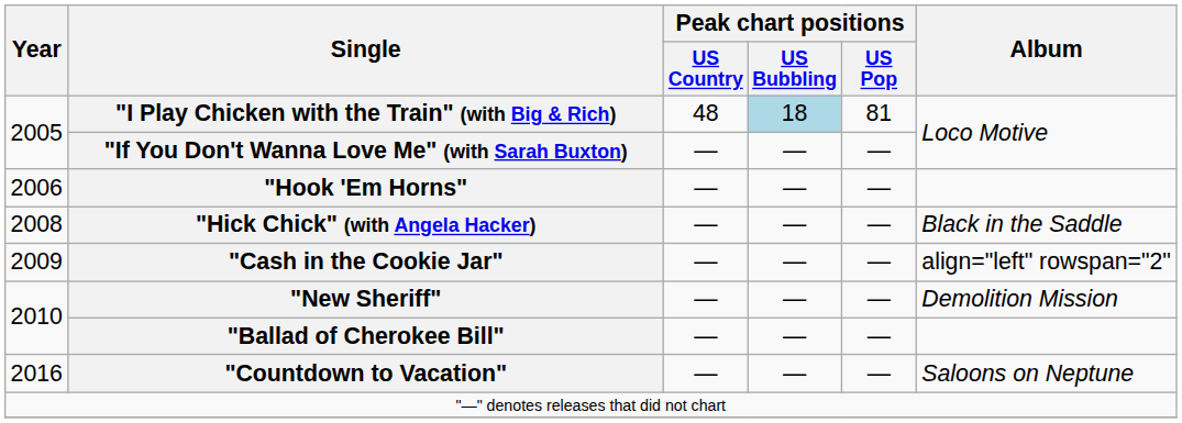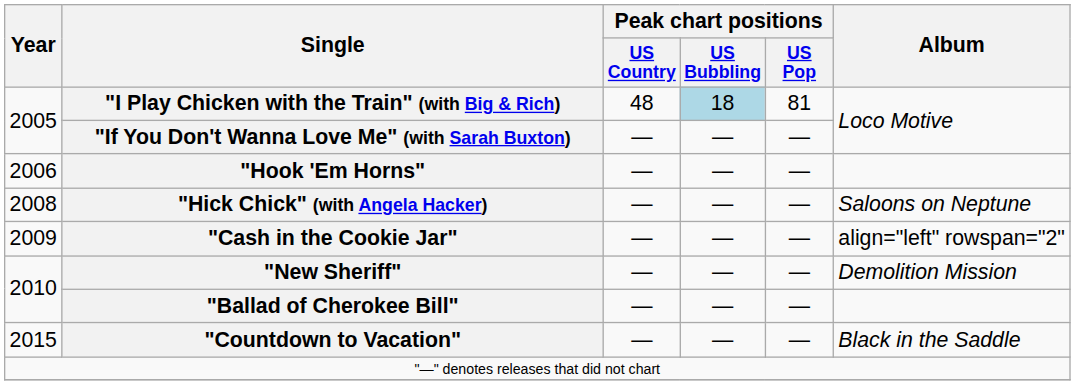 <table class="wikitable plainrowheaders" style="text-align:center;">
 <tr>
 <th rowspan="2">Year</th>
 <th rowspan="2" style="width:25em;">Single</th>
 <th colspan="3">Peak chart positions</th>
 <th rowspan="2">Album</th>
 </tr>
 <tr style="font-size:smaller;">
 <th width="45"><a href='#'>US Country</a></th>
 <th width="45"><a href='#'>US Bubbling</a></th>
 <th width="45"><a href='#'>US<br>Pop</a></th>
 </tr>
 <tr>
 <td rowspan=2>2005</td>
 <th scope="row">"I Play Chicken with the Train" <small>(with <a href='#'>Big & Rich</a>)</small></th>
 <td>48</td>
 <td style="background: lightblue;">18</td>
 <td>81</td>
 <td align="left" rowspan=2><em>Loco Motive</em></td>
 </tr>
 <tr>
 <th scope="row">"If You Don't Wanna Love Me" <small>(with <a href='#'>Sarah Buxton</a>)</small></th>
 <td>—</td>
 <td>—</td>
 <td>—</td>
 </tr>
 <tr>
 <td>2006</td>
 <th scope="row">"Hook 'Em Horns"</th>
 <td>—</td>
 <td>—</td>
 <td>—</td>
 <td></td>
 </tr>
 <tr>
 <td>2008</td>
 <th scope="row">"Hick Chick" <small>(with <a href='#'>Angela Hacker</a>)</small></th>
 <td>—</td>
 <td>—</td>
 <td>—</td>
-<td align="left"><em>Black in the Saddle</em></td>
+<td align="left"><em>Saloons on Neptune</em></td>
 </tr>
 <tr>
 <td>2009</td>
 <th scope="row">"Cash in the Cookie Jar"</th>
 <td>—</td>
 <td>—</td>
 <td>—</td>
 <td>align="left" rowspan="2" </td>
 </tr>
 <tr>
 <td rowspan="2">2010</td>
 <th scope="row">"New Sheriff"</th>
 <td>—</td>
 <td>—</td>
 <td>—</td>
 <td align="left"><em>Demolition Mission</em></td>
 </tr>
 <tr>
 <th scope="row">"Ballad of Cherokee Bill"</th>
 <td>—</td>
 <td>—</td>
 <td>—</td>
 </tr>
 <tr>
-<td>2016</td>
+<td>2015</td>
 <th scope="row">"Countdown to Vacation"</th>
 <td>—</td>
 <td>—</td>
 <td>—</td>
-<td align="left"><em>Saloons on Neptune</em></td>
+<td align="left"><em>Black in the Saddle</em></td>
 </tr>
 <tr>
 <td colspan="6" style="font-size:8pt">"—" denotes releases that did not chart</td>
 </tr>
 <tr>
 </tr>
 </table>
